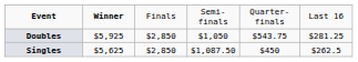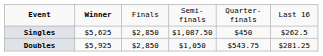 <table class=wikitable style="font-size:90%;text-align:center">
 <tr>
 <td style="width:104px;"><strong>Event</strong></td>
 <td style="width:68px;"><strong>Winner</strong></td>
 <td style="width:68px;">Finals</td>
 <td style="width:68px;">Semi-finals</td>
 <td style="width:80px;">Quarter-finals</td>
 <td style="width:68px;">Last 16</td>
 </tr>
 <tr>
+<td style="background:#dfe2e9;"><strong>Singles</strong></td>
+<td>$5,625</td>
+<td>$2,850</td>
+<td>$1,087.50</td>
+<td>$450</td>
+<td>$262.5</td>
+</tr>
+<tr>
 <td style="background:#dfe2e9;"><strong>Doubles</strong></td>
 <td>$5,925</td>
 <td>$2,850</td>
 <td>$1,050</td>
 <td>$543.75</td>
 <td>$281.25</td>
 </tr>
-<tr>
-<td style="background:#dfe2e9;"><strong>Singles</strong></td>
-<td>$5,625</td>
-<td>$2,850</td>
-<td>$1,087.50</td>
-<td>$450</td>
-<td>$262.5</td>
-</tr>
 </table>
